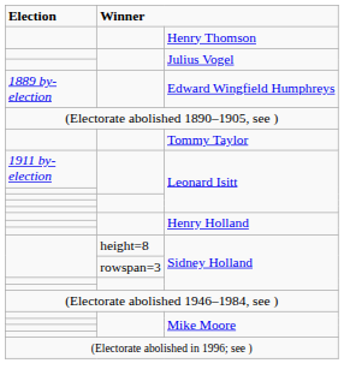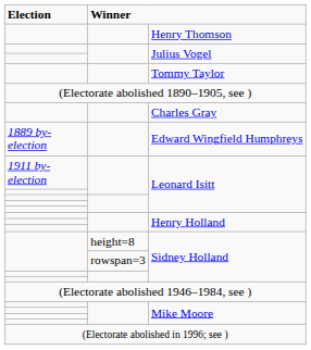 <table class="wikitable">
 <tr>
 <td width=100><strong>Election</strong></td>
 <td width=240 colspan=2><strong>Winner</strong></td>
 </tr>
 <tr>
 <td></td>
 <td width=5 bgcolor=></td>
 <td><a href='#'>Henry Thomson</a></td>
 </tr>
 <tr>
 <td></td>
 <td rowspan=2 bgcolor=></td>
 <td rowspan=2><a href='#'>Julius Vogel</a></td>
 </tr>
 <tr>
 <td></td>
 </tr>
 <tr>
-<td><span><em><a href='#'>1889 by-election</a></em></span></td>
+<td></td>
 <td rowspan=1 bgcolor=></td>
-<td rowspan=1><a href='#'>Edward Wingfield Humphreys</a></td>
+<td rowspan=1><a href='#'>Tommy Taylor</a></td>
 </tr>
 <tr>
 <td colspan=3 align=center><span>(Electorate abolished 1890–1905, see )</span></td>
 </tr>
 <tr>
 <td></td>
+<td width=5 bgcolor=></td>
+<td><a href='#'>Charles Gray</a></td>
+</tr>
+<tr>
+<td><span><em><a href='#'>1889 by-election</a></em></span></td>
 <td rowspan=1 bgcolor=></td>
-<td rowspan=1><a href='#'>Tommy Taylor</a></td>
+<td rowspan=1><a href='#'>Edward Wingfield Humphreys</a></td>
 </tr>
 <tr>
 <td><span><em><a href='#'>1911 by-election</a></em></span></td>
 <td rowspan=2 bgcolor=></td>
 <td rowspan=5><a href='#'>Leonard Isitt</a></td>
 </tr>
 <tr>
 <td></td>
 </tr>
 <tr>
 <td></td>
 <td rowspan=3 bgcolor=></td>
 </tr>
 <tr>
 <td></td>
 </tr>
 <tr>
 <td></td>
 </tr>
 <tr>
 <td></td>
 <td rowspan=3 bgcolor=></td>
 <td rowspan=3><a href='#'>Henry Holland</a></td>
 </tr>
 <tr>
 <td></td>
 </tr>
 <tr>
 <td></td>
 </tr>
 <tr>
 <td rowspan=2></td>
 <td>height=8 </td>
 <td rowspan=4><a href='#'>Sidney Holland</a></td>
 </tr>
 <tr>
 <td>rowspan=3 </td>
 </tr>
 <tr>
 <td></td>
 </tr>
 <tr>
 <td></td>
 </tr>
 <tr>
 <td colspan=3 align=center><span>(Electorate abolished 1946–1984, see )</span></td>
 </tr>
 <tr>
 <td></td>
 <td width=5 rowspan=4 bgcolor=></td>
 <td rowspan=4><a href='#'>Mike Moore</a></td>
 </tr>
 <tr>
 <td></td>
 </tr>
 <tr>
 <td></td>
 </tr>
 <tr>
 <td></td>
 </tr>
 <tr>
 <td colspan=3 align=center><small>(Electorate abolished in 1996; see )</small></td>
 </tr>
 </table>
